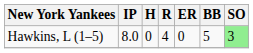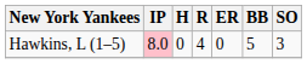 <table class="wikitable sortable">
 <tr>
 <th><strong>New York Yankees</strong></th>
 <th>IP</th>
 <th>H</th>
 <th>R</th>
 <th>ER</th>
 <th>BB</th>
 <th>SO</th>
 </tr>
 <tr>
 <td>Hawkins, L (1–5)</td>
-<td>8.0</td>
+<td style="background: pink;">8.0</td>
 <td>0</td>
 <td>4</td>
 <td>0</td>
 <td>5</td>
-<td style="background: lightgreen;">3</td>
+<td>3</td>
 </tr>
 <tr>
 </tr>
 </table>
